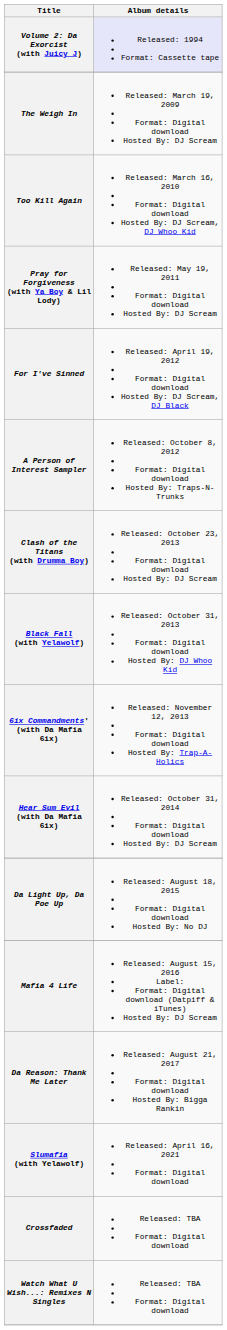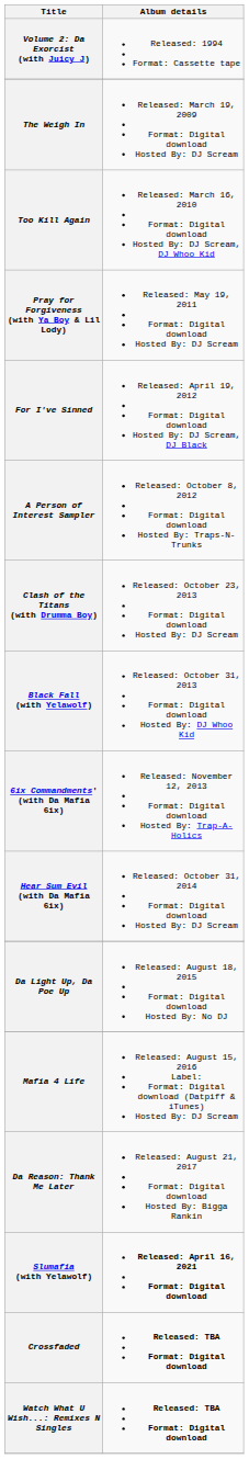 <table class="wikitable plainrowheaders" style="text-align:center;">
 <tr>
 <th scope="col" style="width:11em;">Title</th>
 <th scope="col" style="width:16em;">Album details</th>
 </tr>
 <tr>
 <th scope="row"><em>Volume 2: Da Exorcist</em><br><span>(with <a href='#'>Juicy J</a>)</span></th>
-<td style="background: lavender;"><br><ul><li>Released: 1994</li><li></li><li>Format: Cassette tape</li></ul></td>
+<td><br><ul><li>Released: 1994</li><li></li><li>Format: Cassette tape</li></ul></td>
 </tr>
 <tr>
 </tr>
 <tr>
 <th scope="row"><em>The Weigh In</em></th>
 <td><br><ul><li>Released: March 19, 2009</li><li></li><li>Format: Digital download</li><li>Hosted By: DJ Scream</li></ul></td>
 </tr>
 <tr>
 <th scope="row"><em>Too Kill Again</em></th>
 <td><br><ul><li>Released: March 16, 2010</li><li></li><li>Format: Digital download</li><li>Hosted By: DJ Scream, <a href='#'>DJ Whoo Kid</a></li></ul></td>
 </tr>
 <tr>
 <th scope="row"><em>Pray for Forgiveness</em><br><span>(with <a href='#'>Ya Boy</a> & Lil Lody)</span></th>
 <td><br><ul><li>Released: May 19, 2011</li><li></li><li>Format: Digital download</li><li>Hosted By: DJ Scream</li></ul></td>
 </tr>
 <tr>
 <th scope="row"><em>For I've Sinned</em></th>
 <td><br><ul><li>Released: April 19, 2012</li><li></li><li>Format: Digital download</li><li>Hosted By: DJ Scream, <a href='#'>DJ Black</a></li></ul></td>
 </tr>
 <tr>
 <th scope="row"><em>A Person of Interest Sampler</em></th>
 <td><br><ul><li>Released: October 8, 2012</li><li></li><li>Format: Digital download</li><li>Hosted By: Traps-N-Trunks</li></ul></td>
 </tr>
 <tr>
 <th scope="row"><em>Clash of the Titans</em><br><span>(with <a href='#'>Drumma Boy</a>)</span></th>
 <td><br><ul><li>Released: October 23, 2013</li><li></li><li>Format: Digital download</li><li>Hosted By: DJ Scream</li></ul></td>
 </tr>
 <tr>
 <th scope="row"><em><a href='#'>Black Fall</a></em><br><span>(with <a href='#'>Yelawolf</a>)</span></th>
 <td><br><ul><li>Released: October 31, 2013</li><li></li><li>Format: Digital download</li><li>Hosted By: <a href='#'>DJ Whoo Kid</a></li></ul></td>
 </tr>
 <tr>
 <th scope="row"><em><a href='#'>6ix Commandments</a></em>'<br><span>(with Da Mafia 6ix)</span></th>
 <td><br><ul><li>Released: November 12, 2013</li><li></li><li>Format: Digital download</li><li>Hosted By: <a href='#'>Trap-A-Holics</a></li></ul></td>
 </tr>
 <tr>
 <th scope="row"><em><a href='#'>Hear Sum Evil</a></em><br><span>(with Da Mafia 6ix)</span></th>
 <td><br><ul><li>Released: October 31, 2014</li><li></li><li>Format: Digital download</li><li>Hosted By: DJ Scream</li></ul></td>
 </tr>
 <tr>
 </tr>
 <tr>
 <th scope="row"><em>Da Light Up, Da Poe Up</em></th>
 <td><br><ul><li>Released: August 18, 2015</li><li></li><li>Format: Digital download</li><li>Hosted By: No DJ</li></ul></td>
 </tr>
 <tr>
 </tr>
 <tr>
 <th scope="row"><em>Mafia 4 Life</em></th>
 <td><br><ul><li>Released: August 15, 2016</li><li>Label:</li><li>Format: Digital download (Datpiff & iTunes)</li><li>Hosted By: DJ Scream</li></ul></td>
 </tr>
 <tr>
 <th scope="row"><em>Da Reason: Thank Me Later</em></th>
 <td><br><ul><li>Released: August 21, 2017</li><li></li><li>Format: Digital download</li><li>Hosted By: Bigga Rankin</li></ul></td>
 </tr>
 <tr>
 <th scope="row"><em><a href='#'>Slumafia</a></em><br><span>(with Yelawolf)</span></th>
-<td><br><ul><li>Released: April 16, 2021</li><li></li><li>Format: Digital download</li></ul></td>
+<td><strong><br><ul><li>Released: April 16, 2021</li><li></li><li>Format: Digital download</li></ul></strong></td>
 </tr>
 <tr>
 <th scope="row"><em>Crossfaded</em></th>
-<td><br><ul><li>Released: TBA</li><li></li><li>Format: Digital download</li></ul></td>
+<td><strong><br><ul><li>Released: TBA</li><li></li><li>Format: Digital download</li></ul></strong></td>
 </tr>
 <tr>
 <th scope="row"><em>Watch What U Wish...: Remixes N Singles</em></th>
-<td><br><ul><li>Released: TBA</li><li></li><li>Format: Digital download</li></ul></td>
+<td><strong><br><ul><li>Released: TBA</li><li></li><li>Format: Digital download</li></ul></strong></td>
 </tr>
 <tr>
 </tr>
 </table>
